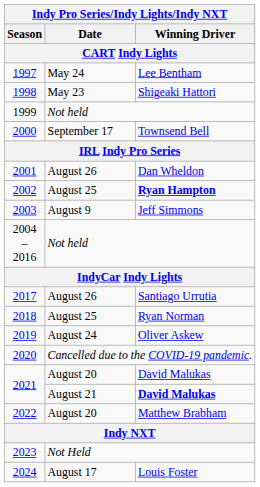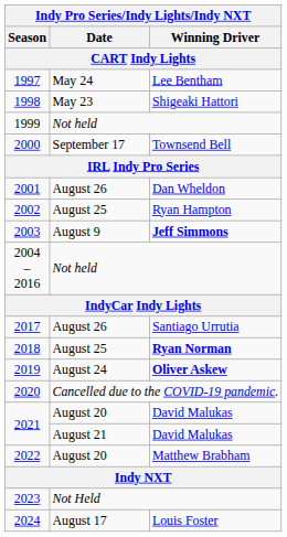 <table class="wikitable" style="font-size: 95%;">
 <tr>
 <th colspan="3"><a href='#'>Indy Pro Series/Indy Lights/Indy NXT</a></th>
 </tr>
 <tr>
 <th>Season</th>
 <th>Date</th>
 <th>Winning Driver</th>
 </tr>
 <tr>
 <th colspan=3><a href='#'>CART</a> <a href='#'>Indy Lights</a></th>
 </tr>
 <tr>
 <td align=center><a href='#'>1997</a></td>
 <td>May 24</td>
 <td> <a href='#'>Lee Bentham</a></td>
 </tr>
 <tr>
 <td align=center><a href='#'>1998</a></td>
 <td>May 23</td>
 <td> <a href='#'>Shigeaki Hattori</a></td>
 </tr>
 <tr>
 <td align=center>1999</td>
 <td colspan=2><em>Not held</em></td>
 </tr>
 <tr>
 <td align=center><a href='#'>2000</a></td>
 <td>September 17</td>
 <td> <a href='#'>Townsend Bell</a></td>
 </tr>
 <tr>
 <th colspan=3><a href='#'>IRL</a> <a href='#'>Indy Pro Series</a></th>
 </tr>
 <tr>
 <td align=center><a href='#'>2001</a></td>
 <td>August 26</td>
 <td> <a href='#'>Dan Wheldon</a></td>
 </tr>
 <tr>
 <td align=center><a href='#'>2002</a></td>
 <td>August 25</td>
-<td><strong> <a href='#'>Ryan Hampton</a></strong></td>
+<td> <a href='#'>Ryan Hampton</a></td>
 </tr>
 <tr>
 <td align=center><a href='#'>2003</a></td>
 <td>August 9</td>
-<td> <a href='#'>Jeff Simmons</a></td>
+<td><strong> <a href='#'>Jeff Simmons</a></strong></td>
 </tr>
 <tr>
 <td align=center>2004<br>–<br>2016</td>
 <td colspan=2><em>Not held</em></td>
 </tr>
 <tr>
 <th colspan=3><a href='#'>IndyCar</a> <a href='#'>Indy Lights</a></th>
 </tr>
 <tr>
 <td align=center><a href='#'>2017</a></td>
 <td>August 26</td>
 <td> <a href='#'>Santiago Urrutia</a></td>
 </tr>
 <tr>
 <td align=center><a href='#'>2018</a></td>
 <td>August 25</td>
-<td> <a href='#'>Ryan Norman</a></td>
+<td><strong> <a href='#'>Ryan Norman</a></strong></td>
 </tr>
 <tr>
 <td align=center><a href='#'>2019</a></td>
 <td>August 24</td>
-<td> <a href='#'>Oliver Askew</a></td>
+<td><strong> <a href='#'>Oliver Askew</a></strong></td>
 </tr>
 <tr>
 <td align=center><a href='#'>2020</a></td>
 <td colspan="2"><em>Cancelled due to the <a href='#'>COVID-19 pandemic</a>.</em></td>
 </tr>
 <tr>
 <td align=center rowspan=2><a href='#'>2021</a></td>
 <td>August 20</td>
 <td> <a href='#'>David Malukas</a></td>
 </tr>
 <tr>
 <td>August 21</td>
-<td><strong> <a href='#'>David Malukas</a></strong></td>
+<td> <a href='#'>David Malukas</a></td>
 </tr>
 <tr>
 <td align=center><a href='#'>2022</a></td>
 <td>August 20</td>
 <td> <a href='#'>Matthew Brabham</a></td>
 </tr>
 <tr>
 <th colspan="3"><a href='#'>Indy NXT</a></th>
 </tr>
 <tr>
 <td align=center><a href='#'>2023</a></td>
 <td colspan="2"><em>Not Held</em></td>
 </tr>
 <tr>
 <td align=center><a href='#'>2024</a></td>
 <td>August 17</td>
 <td> <a href='#'>Louis Foster</a></td>
 </tr>
 </table>
